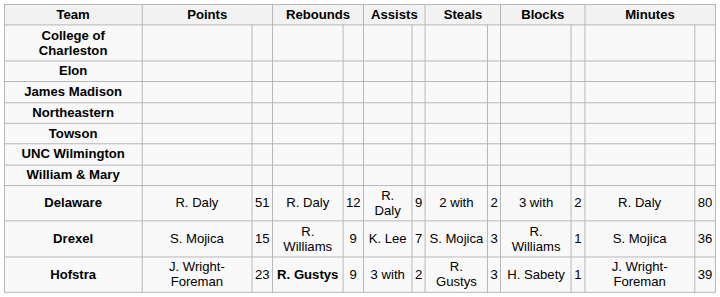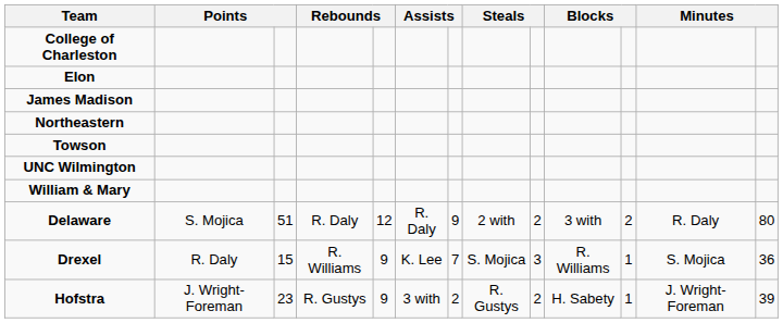 <table class="wikitable" style="text-align:center">
 <tr>
 <th>Team</th>
 <th colspan=2>Points</th>
 <th colspan=2>Rebounds</th>
 <th colspan=2>Assists</th>
 <th colspan=2>Steals</th>
 <th colspan=2>Blocks</th>
 <th colspan=2>Minutes</th>
 </tr>
 <tr>
 <td><strong>College of Charleston</strong></td>
 <td></td>
 <td></td>
 <td></td>
 <td></td>
 <td></td>
 <td></td>
 <td></td>
 <td></td>
 <td></td>
 <td></td>
 <td></td>
 <td></td>
 </tr>
 <tr>
 <td><strong>Elon</strong></td>
 <td></td>
 <td></td>
 <td></td>
 <td></td>
 <td></td>
 <td></td>
 <td></td>
 <td></td>
 <td></td>
 <td></td>
 <td></td>
 <td></td>
 </tr>
 <tr>
 <td><strong>James Madison</strong></td>
 <td></td>
 <td></td>
 <td></td>
 <td></td>
 <td></td>
 <td></td>
 <td></td>
 <td></td>
 <td></td>
 <td></td>
 <td></td>
 <td></td>
 </tr>
 <tr>
 <td><strong>Northeastern</strong></td>
 <td></td>
 <td></td>
 <td></td>
 <td></td>
 <td></td>
 <td></td>
 <td></td>
 <td></td>
 <td></td>
 <td></td>
 <td></td>
 <td></td>
 </tr>
 <tr>
 <td><strong>Towson</strong></td>
 <td></td>
 <td></td>
 <td></td>
 <td></td>
 <td></td>
 <td></td>
 <td></td>
 <td></td>
 <td></td>
 <td></td>
 <td></td>
 <td></td>
 </tr>
 <tr>
 <td><strong>UNC Wilmington</strong></td>
 <td></td>
 <td></td>
 <td></td>
 <td></td>
 <td></td>
 <td></td>
 <td></td>
 <td></td>
 <td></td>
 <td></td>
 <td></td>
 <td></td>
 </tr>
 <tr>
 <td><strong>William & Mary</strong></td>
 <td></td>
 <td></td>
 <td></td>
 <td></td>
 <td></td>
 <td></td>
 <td></td>
 <td></td>
 <td></td>
 <td></td>
 <td></td>
 <td></td>
 </tr>
 <tr>
 <td><strong>Delaware</strong></td>
-<td>R. Daly</td>
+<td>S. Mojica</td>
 <td>51</td>
 <td>R. Daly</td>
 <td>12</td>
 <td>R. Daly</td>
 <td>9</td>
 <td>2 with</td>
 <td>2</td>
 <td>3 with</td>
 <td>2</td>
 <td>R. Daly</td>
 <td>80</td>
 </tr>
 <tr>
 <td><strong>Drexel</strong></td>
-<td>S. Mojica</td>
+<td>R. Daly</td>
 <td>15</td>
 <td>R. Williams</td>
 <td>9</td>
 <td>K. Lee</td>
 <td>7</td>
 <td>S. Mojica</td>
 <td>3</td>
 <td>R. Williams</td>
 <td>1</td>
 <td>S. Mojica</td>
 <td>36</td>
 </tr>
 <tr>
 <td><strong>Hofstra</strong></td>
 <td>J. Wright-Foreman</td>
 <td>23</td>
-<td><strong>R. Gustys</strong></td>
+<td>R. Gustys</td>
 <td>9</td>
 <td>3 with</td>
 <td>2</td>
 <td>R. Gustys</td>
-<td>3</td>
+<td>2</td>
 <td>H. Sabety</td>
 <td>1</td>
 <td>J. Wright-Foreman</td>
 <td>39</td>
 </tr>
 </table>
